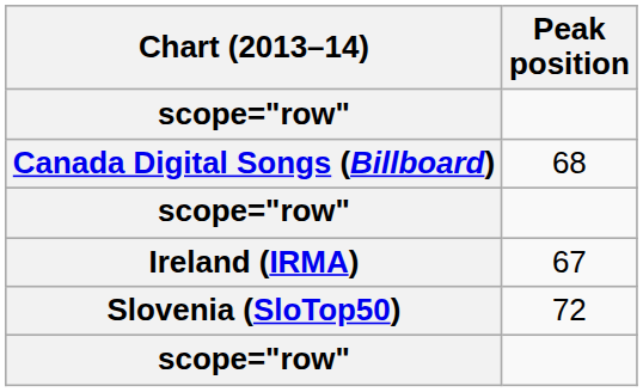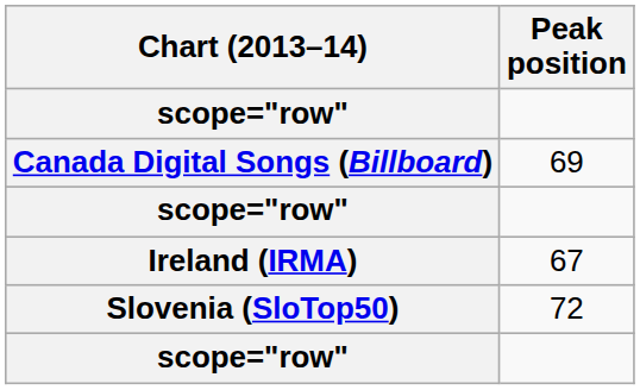 <table class="wikitable sortable plainrowheaders" style="text-align:center;">
 <tr>
 <th scope="col">Chart (2013–14)</th>
 <th scope="col">Peak<br>position</th>
 </tr>
 <tr>
 <th>scope="row" </th>
 </tr>
 <tr>
 <th scope="row"><a href='#'>Canada Digital Songs</a> (<em><a href='#'>Billboard</a></em>)</th>
-<td>68</td>
+<td>69</td>
 </tr>
 <tr>
 <th>scope="row" </th>
 </tr>
 <tr>
 <th scope="row">Ireland (<a href='#'>IRMA</a>)</th>
 <td style="text-align:center;">67</td>
 </tr>
 <tr>
 <th scope="row">Slovenia (<a href='#'>SloTop50</a>)</th>
 <td align=center>72</td>
 </tr>
 <tr>
 <th>scope="row" </th>
 </tr>
 </table>
